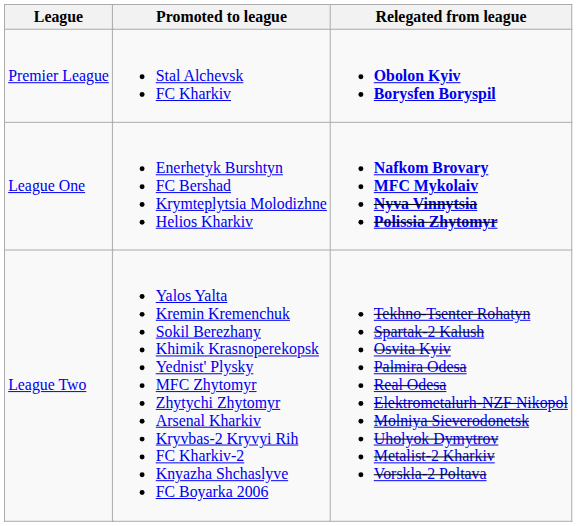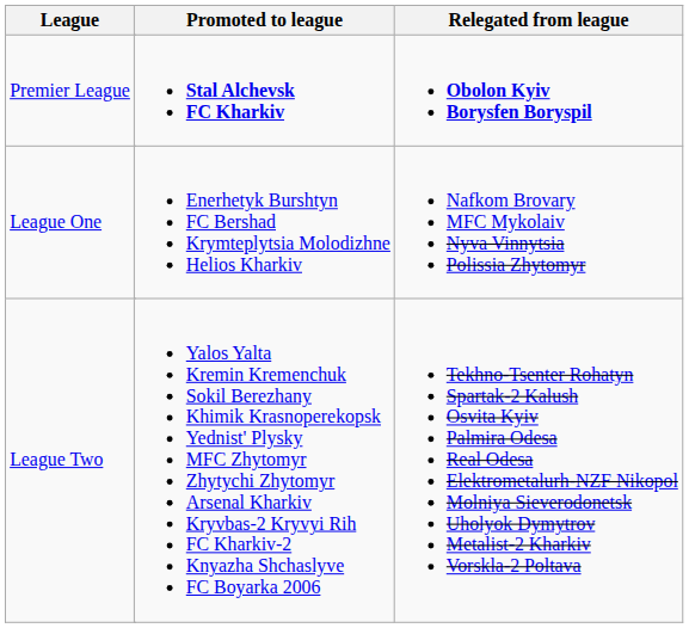 <table class="wikitable">
 <tr>
 <th colspan=2>League</th>
 <th>Promoted to league</th>
 <th>Relegated from league</th>
 </tr>
 <tr>
 <td colspan=2><a href='#'>Premier League</a></td>
-<td><br><ul><li><a href='#'>Stal Alchevsk</a></li><li><a href='#'>FC Kharkiv</a></li></ul></td>
+<td><strong><br><ul><li><a href='#'>Stal Alchevsk</a></li><li><a href='#'>FC Kharkiv</a></li></ul></strong></td>
 <td><strong><br><ul><li><a href='#'>Obolon Kyiv</a></li><li><a href='#'>Borysfen Boryspil</a></li></ul></strong></td>
 </tr>
 <tr>
 <td colspan=2><a href='#'>League One</a></td>
 <td><br><ul><li><a href='#'>Enerhetyk Burshtyn</a></li><li><a href='#'>FC Bershad</a></li><li><a href='#'>Krymteplytsia Molodizhne</a></li><li><a href='#'>Helios Kharkiv</a></li></ul></td>
-<td><strong><br><ul><li><a href='#'>Nafkom Brovary</a></li><li><a href='#'>MFC Mykolaiv</a></li><li><del><a href='#'>Nyva Vinnytsia</a></del></li><li><del><a href='#'>Polissia Zhytomyr</a></del></li></ul></strong></td>
+<td><br><ul><li><a href='#'>Nafkom Brovary</a></li><li><a href='#'>MFC Mykolaiv</a></li><li><del><a href='#'>Nyva Vinnytsia</a></del></li><li><del><a href='#'>Polissia Zhytomyr</a></del></li></ul></td>
 </tr>
 <tr>
 <td colspan=2><a href='#'>League Two</a></td>
 <td><br><ul><li><a href='#'>Yalos Yalta</a></li><li><a href='#'>Kremin Kremenchuk</a></li><li><a href='#'>Sokil Berezhany</a></li><li><a href='#'>Khimik Krasnoperekopsk</a></li><li><a href='#'>Yednist' Plysky</a></li><li><a href='#'>MFC Zhytomyr</a></li><li><a href='#'>Zhytychi Zhytomyr</a></li><li><a href='#'>Arsenal Kharkiv</a></li><li><a href='#'>Kryvbas-2 Kryvyi Rih</a></li><li><a href='#'>FC Kharkiv-2</a></li><li><a href='#'>Knyazha Shchaslyve</a></li><li><a href='#'>FC Boyarka 2006</a></li></ul></td>
 <td><br><ul><li><del><a href='#'>Tekhno-Tsenter Rohatyn</a></del></li><li><del><a href='#'>Spartak-2 Kalush</a></del></li><li><del><a href='#'>Osvita Kyiv</a></del></li><li><del><a href='#'>Palmira Odesa</a></del></li><li><del><a href='#'>Real Odesa</a></del></li><li><del><a href='#'>Elektrometalurh-NZF Nikopol</a></del></li><li><del><a href='#'>Molniya Sieverodonetsk</a></del></li><li><del><a href='#'>Uholyok Dymytrov</a></del></li><li><del><a href='#'>Metalist-2 Kharkiv</a></del></li><li><del><a href='#'>Vorskla-2 Poltava</a></del></li></ul></td>
 </tr>
 </table>
